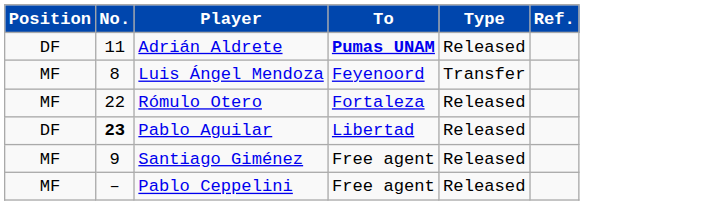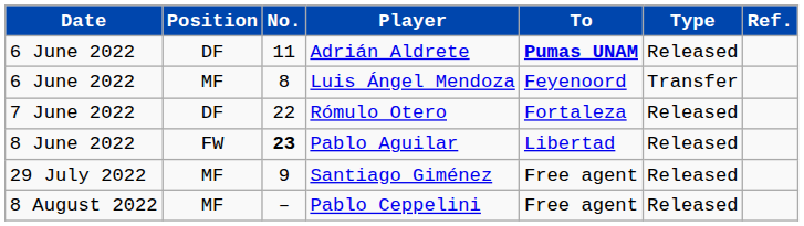 <table class="wikitable plainrowheaders sortable">
 <tr>
+<th style="background:#0046AD; color:#FFFFFF; ">Date</th>
 <th style="background:#0046AD; color:#FFFFFF; ">Position</th>
 <th style="background:#0046AD; color:#FFFFFF; ">No.</th>
 <th style="background:#0046AD; color:#FFFFFF; ">Player</th>
 <th style="background:#0046AD; color:#FFFFFF; ">To</th>
 <th style="background:#0046AD; color:#FFFFFF; ">Type</th>
 <th style="background:#0046AD; color:#FFFFFF; ">Ref.</th>
 </tr>
 <tr>
+<td>6 June 2022</td>
 <td style="text-align:center;">DF</td>
 <td style="text-align:center;">11</td>
 <td style="text-align:left;"> <a href='#'>Adrián Aldrete</a></td>
 <td style="text-align:left;"><strong> <a href='#'>Pumas UNAM</a></strong></td>
 <td>Released</td>
 <td></td>
 </tr>
 <tr>
+<td>6 June 2022</td>
 <td style="text-align:center;">MF</td>
 <td style="text-align:center;">8</td>
 <td style="text-align:left;"> <a href='#'>Luis Ángel Mendoza</a></td>
 <td style="text-align:left;"> <a href='#'>Feyenoord</a></td>
 <td>Transfer</td>
 <td></td>
 </tr>
 <tr>
-<td style="text-align:center;">MF</td>
+<td>7 June 2022</td>
+<td style="text-align:center;">DF</td>
 <td style="text-align:center;">22</td>
 <td style="text-align:left;"> <a href='#'>Rómulo Otero</a></td>
 <td style="text-align:left;"> <a href='#'>Fortaleza</a></td>
 <td>Released</td>
 <td></td>
 </tr>
 <tr>
-<td style="text-align:center;">DF</td>
+<td>8 June 2022</td>
+<td style="text-align:center;">FW</td>
 <td style="text-align:center;"><strong>23</strong></td>
 <td style="text-align:left;"> <a href='#'>Pablo Aguilar</a></td>
 <td style="text-align:left;"> <a href='#'>Libertad</a></td>
 <td>Released</td>
 <td></td>
 </tr>
 <tr>
+<td>29 July 2022</td>
 <td style="text-align:center;">MF</td>
 <td style="text-align:center;">9</td>
 <td style="text-align:left;"> <a href='#'>Santiago Giménez</a></td>
 <td style="text-align:left;">Free agent</td>
 <td>Released</td>
 <td></td>
 </tr>
 <tr>
+<td>8 August 2022</td>
 <td style="text-align:center;">MF</td>
 <td style="text-align:center;">–</td>
 <td style="text-align:left;"> <a href='#'>Pablo Ceppelini</a></td>
 <td style="text-align:left;">Free agent</td>
 <td>Released</td>
 <td></td>
 </tr>
 </table>
